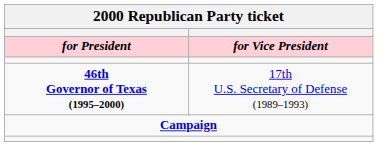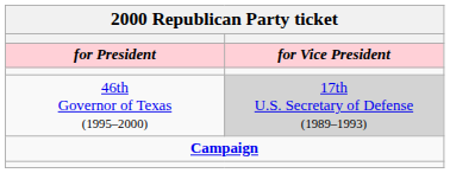 <table class="wikitable" style="font-size:90%; text-align:center">
 <tr>
 <td style="background:#F1F1F1;" colspan="30"><big><strong>2000 Republican Party ticket</strong></big></td>
 </tr>
 <tr>
 <th style="width:3em; font-size:135%; background:"><a href='#'></a></th>
 <th style="width:3em; font-size:135%; background:"><a href='#'></a></th>
 </tr>
 <tr style="color:#000; font-size:100%; background:#FFD0D7;">
 <td style="width:3em; width:200px;"><strong><em>for President</em></strong></td>
 <td style="width:3em; width:200px;"><strong><em>for Vice President</em></strong></td>
 </tr>
 <tr>
 <td></td>
 <td></td>
 </tr>
 <tr>
-<td><strong><a href='#'>46th</a><br><a href='#'>Governor of Texas</a><br><small>(1995–2000)</small></strong></td>
-<td><a href='#'>17th</a><br><a href='#'>U.S. Secretary of Defense</a><br><small>(1989–1993)</small></td>
+<td><a href='#'>46th</a><br><a href='#'>Governor of Texas</a><br><small>(1995–2000)</small></td>
+<td style="background: lightgrey;"><a href='#'>17th</a><br><a href='#'>U.S. Secretary of Defense</a><br><small>(1989–1993)</small></td>
 </tr>
 <tr>
 <td colspan=2><a href='#'><strong>Campaign</strong></a></td>
 </tr>
 <tr>
 <td colspan=2></td>
 </tr>
 </table>
